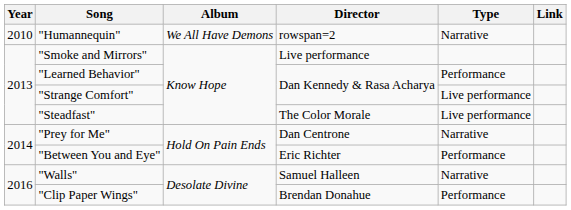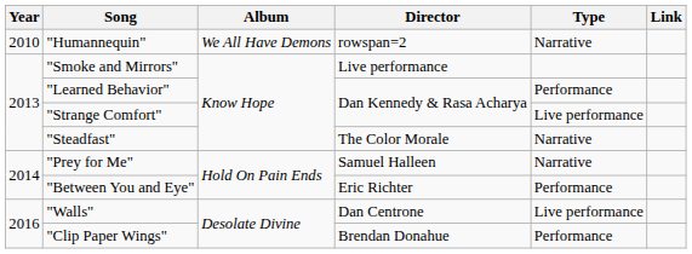 <table class="wikitable">
 <tr>
 <th>Year</th>
 <th>Song</th>
 <th>Album</th>
 <th>Director</th>
 <th>Type</th>
 <th>Link</th>
 </tr>
 <tr>
 <td>2010</td>
 <td>"Humannequin"</td>
 <td><em>We All Have Demons</em></td>
 <td>rowspan=2 </td>
 <td>Narrative</td>
 <td></td>
 </tr>
 <tr>
 <td rowspan=4>2013</td>
 <td>"Smoke and Mirrors"</td>
 <td rowspan=4><em>Know Hope</em></td>
 <td>Live performance</td>
 <td></td>
 </tr>
 <tr>
 <td>"Learned Behavior"</td>
 <td rowspan=2>Dan Kennedy & Rasa Acharya</td>
 <td>Performance</td>
 <td></td>
 </tr>
 <tr>
 <td>"Strange Comfort"</td>
 <td>Live performance</td>
 <td></td>
 </tr>
 <tr>
 <td>"Steadfast"</td>
 <td>The Color Morale</td>
-<td>Live performance</td>
+<td>Narrative</td>
 <td></td>
 </tr>
 <tr>
 <td rowspan=2>2014</td>
 <td>"Prey for Me"</td>
 <td rowspan=2><em>Hold On Pain Ends</em></td>
-<td>Dan Centrone</td>
+<td>Samuel Halleen</td>
 <td>Narrative</td>
 <td></td>
 </tr>
 <tr>
 <td>"Between You and Eye"</td>
 <td>Eric Richter</td>
 <td>Performance</td>
 <td></td>
 </tr>
 <tr>
 <td rowspan=2>2016</td>
 <td>"Walls"</td>
 <td rowspan=2><em>Desolate Divine</em></td>
-<td>Samuel Halleen</td>
-<td>Narrative</td>
+<td>Dan Centrone</td>
+<td>Live performance</td>
 <td></td>
 </tr>
 <tr>
 <td>"Clip Paper Wings"</td>
 <td>Brendan Donahue</td>
 <td>Performance</td>
 <td></td>
 </tr>
 </table>
